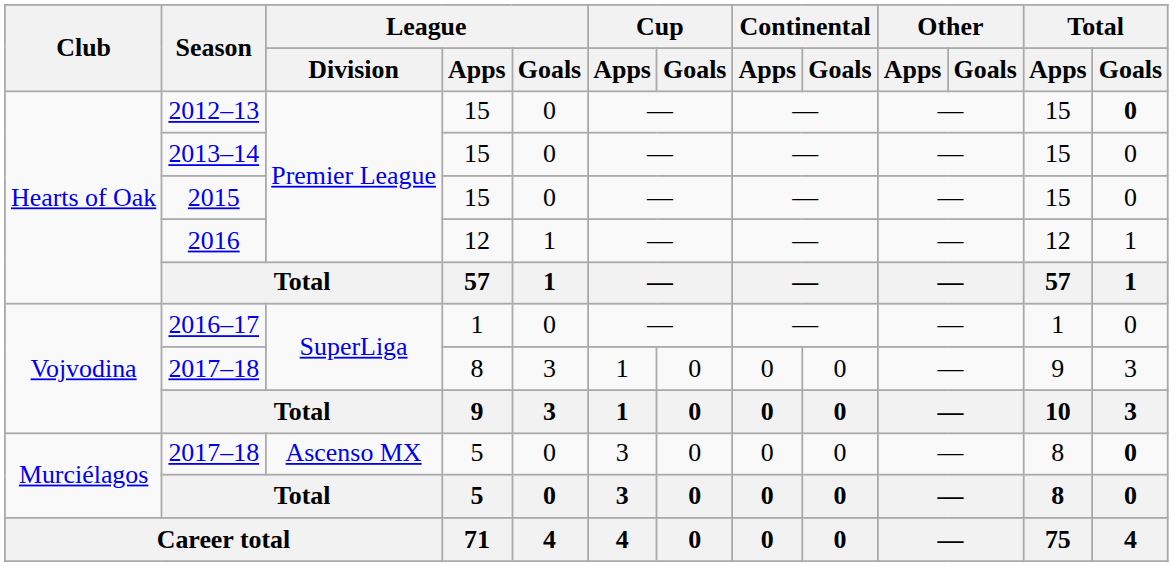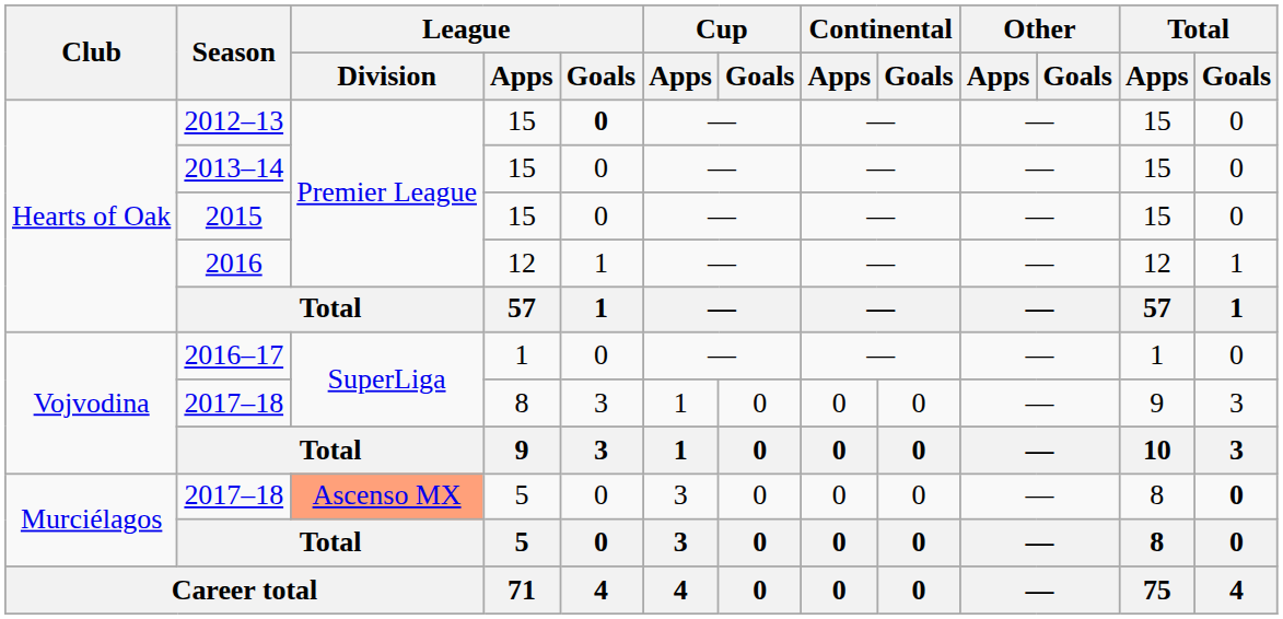 <table class="wikitable" style="text-align: center;font-size:90%">
 <tr>
 <th rowspan="2">Club</th>
 <th rowspan="2">Season</th>
 <th colspan="3">League</th>
 <th colspan="2">Cup</th>
 <th colspan="2">Continental</th>
 <th colspan="2">Other</th>
 <th colspan="2">Total</th>
 </tr>
 <tr>
 <th>Division</th>
 <th>Apps</th>
 <th>Goals</th>
 <th>Apps</th>
 <th>Goals</th>
 <th>Apps</th>
 <th>Goals</th>
 <th>Apps</th>
 <th>Goals</th>
 <th>Apps</th>
 <th>Goals</th>
 </tr>
 <tr>
 <td rowspan="5" valign="center"><a href='#'>Hearts of Oak</a></td>
 <td><a href='#'>2012–13</a></td>
 <td rowspan=4><a href='#'>Premier League</a></td>
 <td>15</td>
-<td>0</td>
+<td><strong>0</strong></td>
 <td colspan="2">—</td>
 <td colspan="2">—</td>
 <td colspan="2">—</td>
 <td>15</td>
-<td><strong>0</strong></td>
+<td>0</td>
 </tr>
 <tr>
 <td><a href='#'>2013–14</a></td>
 <td>15</td>
 <td>0</td>
 <td colspan="2">—</td>
 <td colspan="2">—</td>
 <td colspan="2">—</td>
 <td>15</td>
 <td>0</td>
 </tr>
 <tr>
 <td><a href='#'>2015</a></td>
 <td>15</td>
 <td>0</td>
 <td colspan="2">—</td>
 <td colspan="2">—</td>
 <td colspan="2">—</td>
 <td>15</td>
 <td>0</td>
 </tr>
 <tr>
 <td><a href='#'>2016</a></td>
 <td>12</td>
 <td>1</td>
 <td colspan="2">—</td>
 <td colspan="2">—</td>
 <td colspan="2">—</td>
 <td>12</td>
 <td>1</td>
 </tr>
 <tr>
 <th colspan="2">Total</th>
 <th>57</th>
 <th>1</th>
 <th colspan="2">—</th>
 <th colspan="2">—</th>
 <th colspan="2">—</th>
 <th>57</th>
 <th>1</th>
 </tr>
 <tr>
 <td rowspan="3" valign="center"><a href='#'>Vojvodina</a></td>
 <td><a href='#'>2016–17</a></td>
 <td rowspan=2><a href='#'>SuperLiga</a></td>
 <td>1</td>
 <td>0</td>
 <td colspan="2">—</td>
 <td colspan="2">—</td>
 <td colspan="2">—</td>
 <td>1</td>
 <td>0</td>
 </tr>
 <tr>
 <td><a href='#'>2017–18</a></td>
 <td>8</td>
 <td>3</td>
 <td>1</td>
 <td>0</td>
 <td>0</td>
 <td>0</td>
 <td colspan="2">—</td>
 <td>9</td>
 <td>3</td>
 </tr>
 <tr>
 <th colspan="2">Total</th>
 <th>9</th>
 <th>3</th>
 <th>1</th>
 <th>0</th>
 <th>0</th>
 <th>0</th>
 <th colspan="2">—</th>
 <th>10</th>
 <th>3</th>
 </tr>
 <tr>
 <td rowspan="2" valign="center"><a href='#'>Murciélagos</a></td>
 <td><a href='#'>2017–18</a></td>
-<td><a href='#'>Ascenso MX</a></td>
+<td style="background: lightsalmon;"><a href='#'>Ascenso MX</a></td>
 <td>5</td>
 <td>0</td>
 <td>3</td>
 <td>0</td>
 <td>0</td>
 <td>0</td>
 <td colspan="2">—</td>
 <td>8</td>
 <td><strong>0</strong></td>
 </tr>
 <tr>
 <th colspan="2">Total</th>
 <th>5</th>
 <th>0</th>
 <th>3</th>
 <th>0</th>
 <th>0</th>
 <th>0</th>
 <th colspan="2">—</th>
 <th>8</th>
 <th>0</th>
 </tr>
 <tr>
 <th colspan="3">Career total</th>
 <th>71</th>
 <th>4</th>
 <th>4</th>
 <th>0</th>
 <th>0</th>
 <th>0</th>
 <th colspan="2">—</th>
 <th>75</th>
 <th>4</th>
 </tr>
 </table>
